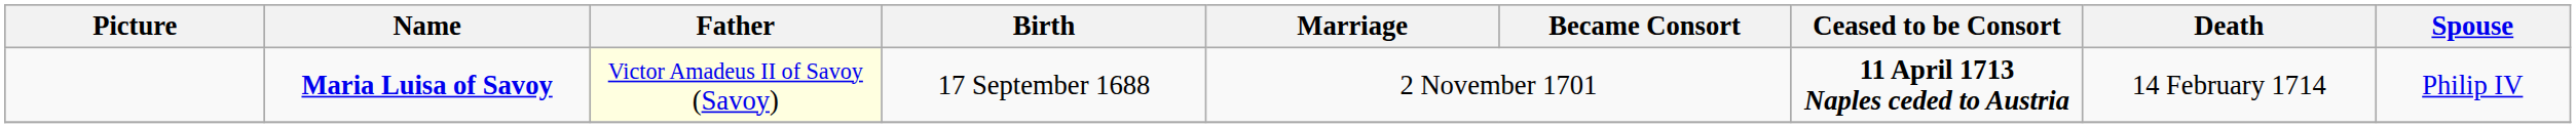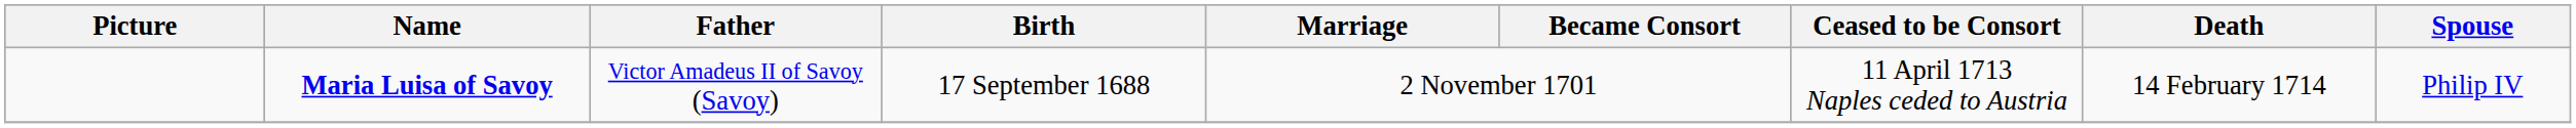 <table width=95% class="wikitable">
 <tr>
 <th width = "8%">Picture</th>
 <th width = "10%">Name</th>
 <th width = "9%">Father</th>
 <th width = "10%">Birth</th>
 <th width = "9%">Marriage</th>
 <th width = "9%">Became Consort</th>
 <th width = "9%">Ceased to be Consort</th>
 <th width = "9%">Death</th>
 <th width = "6%"><a href='#'>Spouse</a></th>
 </tr>
 <tr>
 <td align="center"></td>
 <td align="center"><strong><a href='#'>Maria Luisa of Savoy</a></strong></td>
-<td align="center" style="background: lightyellow;"><small><a href='#'>Victor Amadeus II of Savoy</a></small><br> (<a href='#'>Savoy</a>)</td>
+<td align="center"><small><a href='#'>Victor Amadeus II of Savoy</a></small><br> (<a href='#'>Savoy</a>)</td>
 <td align="center">17 September 1688</td>
 <td align="center" colspan="2">2 November 1701</td>
-<td align="center"><strong>11 April 1713<br><em>Naples ceded to Austria</em></strong></td>
+<td align="center">11 April 1713<br><em>Naples ceded to Austria</em></td>
 <td align="center">14 February 1714</td>
 <td align="center"><a href='#'>Philip IV</a></td>
 </tr>
 <tr>
 </tr>
 </table>
